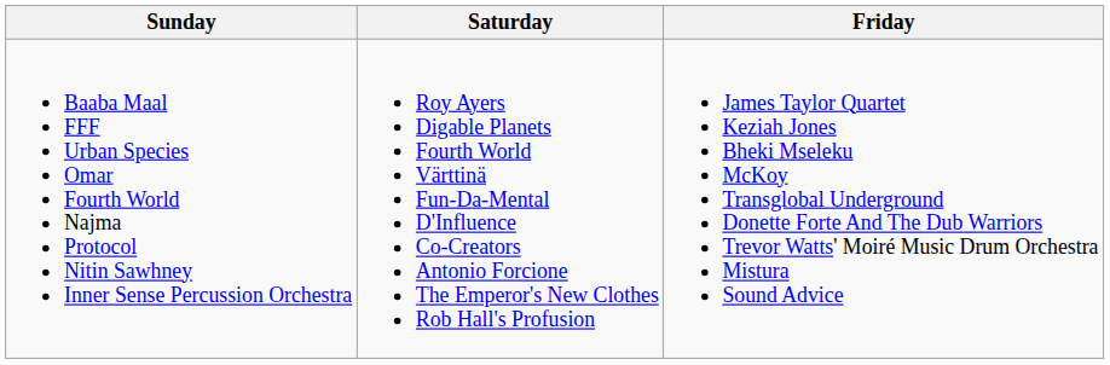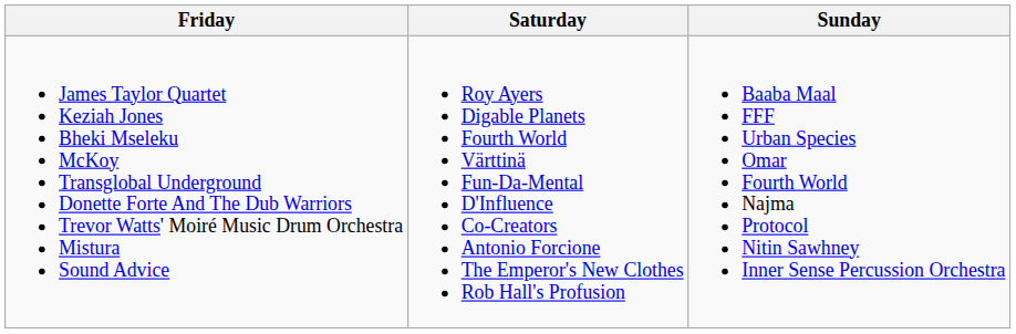 <table class="wikitable">
 <tr>
+<th>Friday</th>
+<th>Saturday</th>
 <th>Sunday</th>
-<th>Saturday</th>
-<th>Friday</th>
 </tr>
 <tr valign="top">
+<td><br><ul><li><a href='#'>James Taylor Quartet</a></li><li><a href='#'>Keziah Jones</a></li><li><a href='#'>Bheki Mseleku</a></li><li><a href='#'>McKoy</a></li><li><a href='#'>Transglobal Underground</a></li><li><a href='#'>Donette Forte And The Dub Warriors</a></li><li><a href='#'>Trevor Watts</a>' Moiré Music Drum Orchestra</li><li><a href='#'>Mistura</a></li><li><a href='#'>Sound Advice</a></li></ul></td>
+<td><br><ul><li><a href='#'>Roy Ayers</a></li><li><a href='#'>Digable Planets</a></li><li><a href='#'>Fourth World</a></li><li><a href='#'>Värttinä</a></li><li><a href='#'>Fun-Da-Mental</a></li><li><a href='#'>D'Influence</a></li><li><a href='#'>Co-Creators</a></li><li><a href='#'>Antonio Forcione</a></li><li><a href='#'>The Emperor's New Clothes</a></li><li><a href='#'>Rob Hall's Profusion</a></li></ul></td>
 <td><br><ul><li><a href='#'>Baaba Maal</a></li><li><a href='#'>FFF</a></li><li><a href='#'>Urban Species</a></li><li><a href='#'>Omar</a></li><li><a href='#'>Fourth World</a></li><li>Najma</li><li><a href='#'>Protocol</a></li><li><a href='#'>Nitin Sawhney</a></li><li><a href='#'>Inner Sense Percussion Orchestra</a></li></ul></td>
-<td><br><ul><li><a href='#'>Roy Ayers</a></li><li><a href='#'>Digable Planets</a></li><li><a href='#'>Fourth World</a></li><li><a href='#'>Värttinä</a></li><li><a href='#'>Fun-Da-Mental</a></li><li><a href='#'>D'Influence</a></li><li><a href='#'>Co-Creators</a></li><li><a href='#'>Antonio Forcione</a></li><li><a href='#'>The Emperor's New Clothes</a></li><li><a href='#'>Rob Hall's Profusion</a></li></ul></td>
-<td><br><ul><li><a href='#'>James Taylor Quartet</a></li><li><a href='#'>Keziah Jones</a></li><li><a href='#'>Bheki Mseleku</a></li><li><a href='#'>McKoy</a></li><li><a href='#'>Transglobal Underground</a></li><li><a href='#'>Donette Forte And The Dub Warriors</a></li><li><a href='#'>Trevor Watts</a>' Moiré Music Drum Orchestra</li><li><a href='#'>Mistura</a></li><li><a href='#'>Sound Advice</a></li></ul></td>
 </tr>
 </table>
